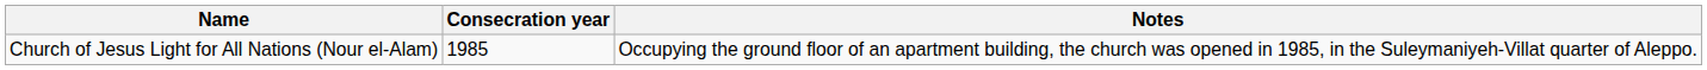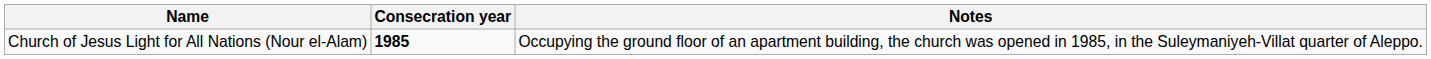 <table class="wikitable">
 <tr>
 <th>Name</th>
 <th>Consecration year</th>
 <th>Notes</th>
 </tr>
 <tr>
 <td>Church of Jesus Light for All Nations (Nour el-Alam)</td>
-<td>1985</td>
+<td><strong>1985</strong></td>
 <td>Occupying the ground floor of an apartment building, the church was opened in 1985, in the Suleymaniyeh-Villat quarter of Aleppo.</td>
 </tr>
 </table>
